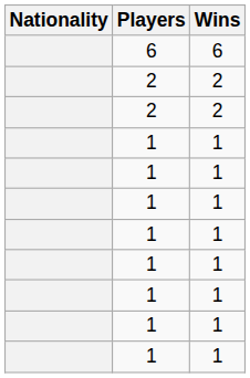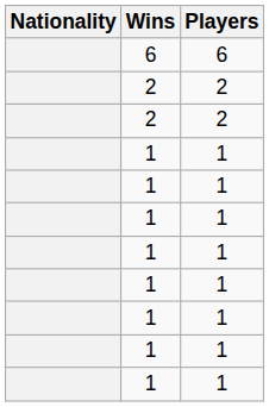 <table class="wikitable sortable plainrowheaders" style=text-align:center>
 <tr>
 <th scope=col>Nationality</th>
+<th scope=col>Wins</th>
 <th scope=col>Players</th>
-<th scope=col>Wins</th>
 </tr>
 <tr>
 <th scope=row></th>
 <td>6</td>
 <td>6</td>
 </tr>
 <tr>
 <th scope=row></th>
 <td>2</td>
 <td>2</td>
 </tr>
 <tr>
 <th scope=row></th>
 <td>2</td>
 <td>2</td>
 </tr>
 <tr>
 <th scope=row></th>
 <td>1</td>
 <td>1</td>
 </tr>
 <tr>
 <th scope=row></th>
 <td>1</td>
 <td>1</td>
 </tr>
 <tr>
 <th scope=row></th>
 <td>1</td>
 <td>1</td>
 </tr>
 <tr>
 <th scope=row></th>
 <td>1</td>
 <td>1</td>
 </tr>
 <tr>
 <th scope=row></th>
 <td>1</td>
 <td>1</td>
 </tr>
 <tr>
 <th scope=row></th>
 <td>1</td>
 <td>1</td>
 </tr>
 <tr>
 <th scope=row></th>
 <td>1</td>
 <td>1</td>
 </tr>
 <tr>
 <th scope=row></th>
 <td>1</td>
 <td>1</td>
 </tr>
 </table>
